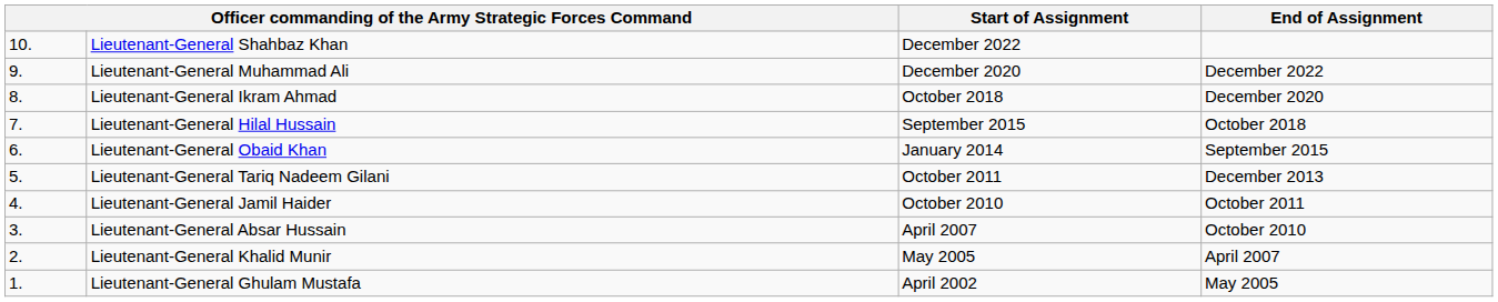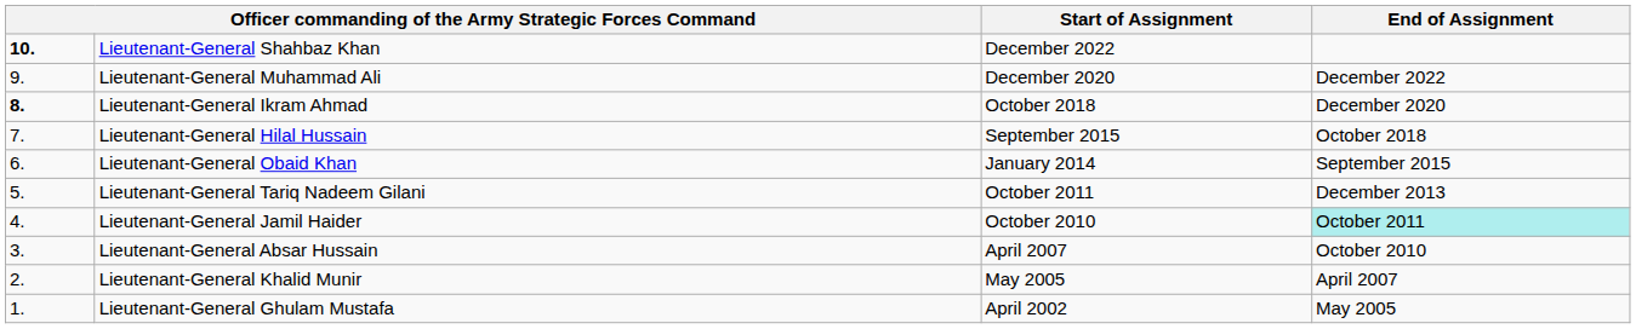 <table class="wikitable sortable" border="2" width="90%">
 <tr>
 <th colspan=2>Officer commanding of the Army Strategic Forces Command</th>
 <th>Start of Assignment</th>
 <th>End of Assignment</th>
 </tr>
 <tr>
-<td>10.</td>
+<td><strong>10.</strong></td>
 <td><a href='#'>Lieutenant-General</a> Shahbaz Khan</td>
 <td>December 2022</td>
 <td></td>
 </tr>
 <tr>
 <td>9.</td>
 <td>Lieutenant-General Muhammad Ali</td>
 <td>December 2020</td>
 <td>December 2022</td>
 </tr>
 <tr>
-<td>8.</td>
+<td><strong>8.</strong></td>
 <td>Lieutenant-General Ikram Ahmad</td>
 <td>October 2018</td>
 <td>December 2020</td>
 </tr>
 <tr>
 <td>7.</td>
 <td>Lieutenant-General <a href='#'>Hilal Hussain</a></td>
 <td>September 2015</td>
 <td>October 2018</td>
 </tr>
 <tr>
 <td>6.</td>
 <td>Lieutenant-General <a href='#'>Obaid Khan</a></td>
 <td>January 2014</td>
 <td>September 2015</td>
 </tr>
 <tr>
 <td>5.</td>
 <td>Lieutenant-General Tariq Nadeem Gilani</td>
 <td>October 2011</td>
 <td>December 2013</td>
 </tr>
 <tr>
 <td>4.</td>
 <td>Lieutenant-General Jamil Haider</td>
 <td>October 2010</td>
-<td>October 2011</td>
+<td style="background: paleturquoise;">October 2011</td>
 </tr>
 <tr>
 <td>3.</td>
 <td>Lieutenant-General  Absar Hussain</td>
 <td>April 2007</td>
 <td>October 2010</td>
 </tr>
 <tr>
 <td>2.</td>
 <td>Lieutenant-General Khalid Munir</td>
 <td>May 2005</td>
 <td>April 2007</td>
 </tr>
 <tr>
 <td>1.</td>
 <td>Lieutenant-General Ghulam Mustafa</td>
 <td>April 2002</td>
 <td>May 2005</td>
 </tr>
 </table>
